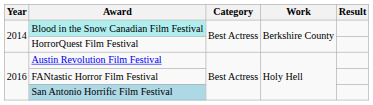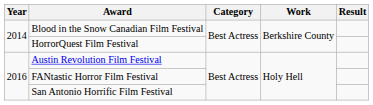 <table class="wikitable">
 <tr>
 <th>Year</th>
 <th>Award</th>
 <th>Category</th>
 <th>Work</th>
 <th>Result</th>
 </tr>
 <tr>
 <td rowspan="2">2014</td>
-<td style="background: paleturquoise;">Blood in the Snow Canadian Film Festival</td>
+<td>Blood in the Snow Canadian Film Festival</td>
 <td rowspan="2">Best Actress</td>
 <td rowspan="2">Berkshire County</td>
 <td></td>
 </tr>
 <tr>
 <td>HorrorQuest Film Festival</td>
 <td></td>
 </tr>
 <tr>
 <td rowspan="3">2016</td>
 <td><a href='#'>Austin Revolution Film Festival</a></td>
 <td rowspan="3">Best Actress</td>
 <td rowspan="3">Holy Hell</td>
 <td></td>
 </tr>
 <tr>
 <td>FANtastic Horror Film Festival</td>
 <td></td>
 </tr>
 <tr>
-<td style="background: lightblue;">San Antonio Horrific Film Festival</td>
+<td>San Antonio Horrific Film Festival</td>
 <td></td>
 </tr>
 </table>
